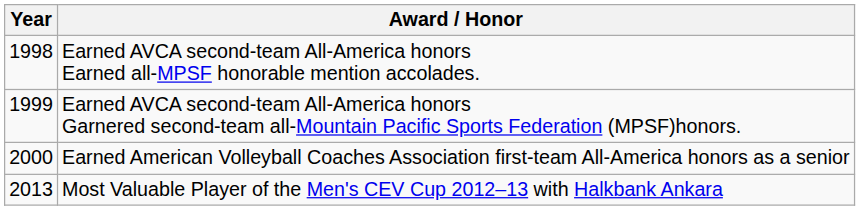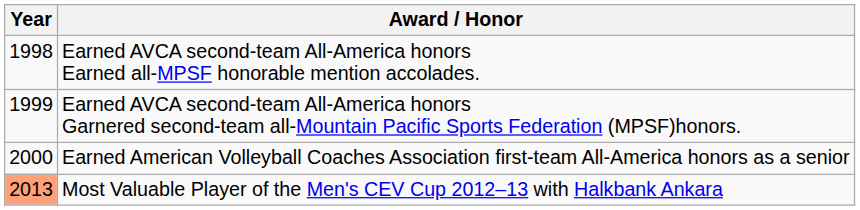 <table class="wikitable">
 <tr>
 <th valign="top">Year</th>
 <th valign="top" align="center">Award / Honor</th>
 </tr>
 <tr>
 <td valign="top">1998</td>
 <td valign="top">Earned AVCA second-team All-America honors<br>Earned all-<a href='#'>MPSF</a> honorable mention accolades.</td>
 </tr>
 <tr>
 <td valign="top">1999</td>
 <td valign="top">Earned AVCA second-team All-America honors<br>Garnered second-team all-<a href='#'>Mountain Pacific Sports Federation</a> (MPSF)honors.</td>
 </tr>
 <tr>
 <td valign="top">2000</td>
 <td valign="top">Earned American Volleyball Coaches Association first-team All-America honors as a senior</td>
 </tr>
 <tr>
-<td valign="top">2013</td>
+<td valign="top" style="background: lightsalmon;">2013</td>
 <td valign="top">Most Valuable Player of the <a href='#'>Men's CEV Cup 2012–13</a> with <a href='#'>Halkbank Ankara</a></td>
 </tr>
 </table>
